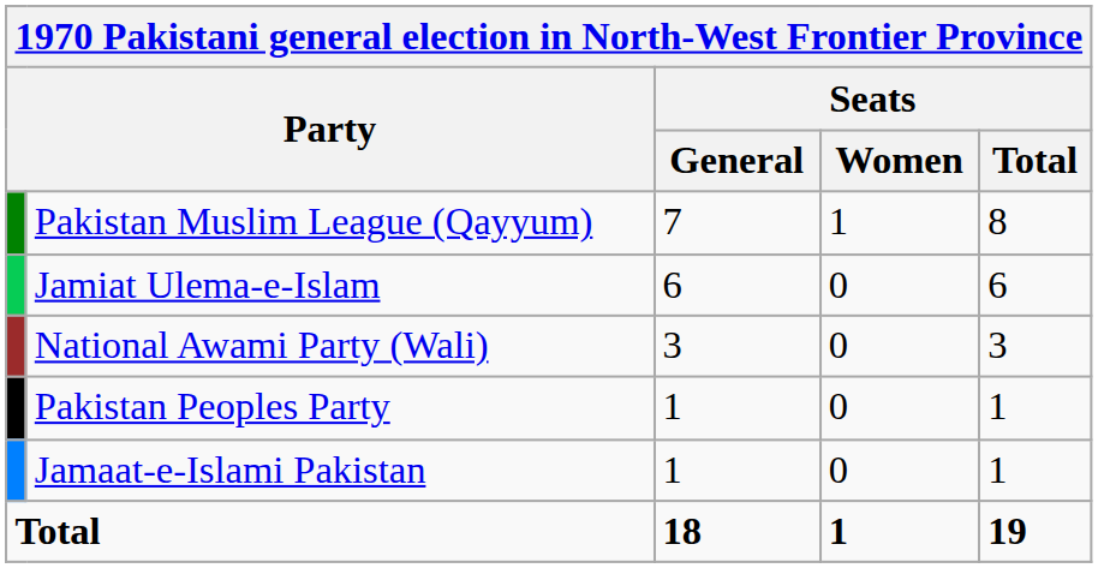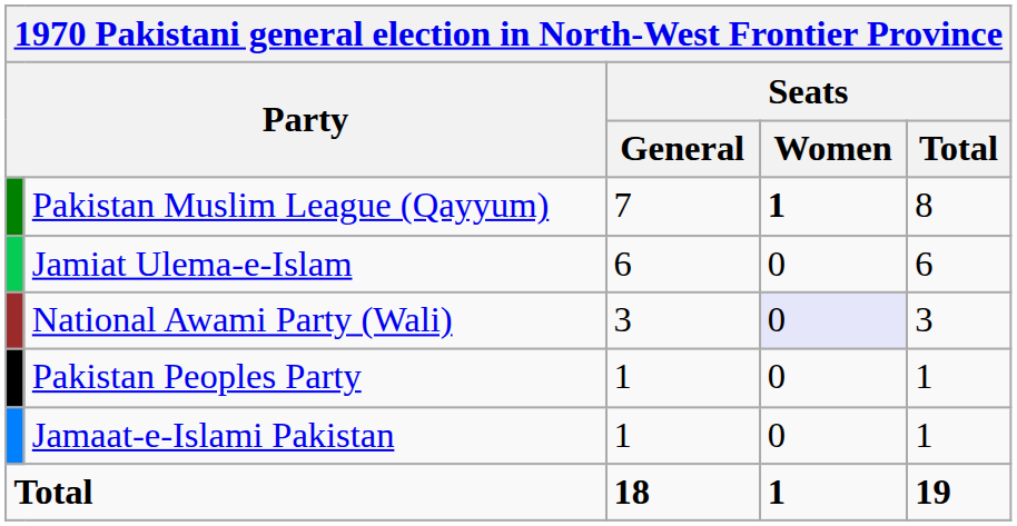 <table class="wikitable">
 <tr>
 <th colspan="7"><a href='#'>1970 Pakistani general election in North-West Frontier Province</a></th>
 </tr>
 <tr>
 <th colspan="4" rowspan="2">Party</th>
 <th colspan="3">Seats</th>
 </tr>
 <tr>
 <th>General</th>
 <th>Women</th>
 <th>Total</th>
 </tr>
 <tr>
 <td style="color:inherit;background:#008200"></td>
 <td colspan="3"><a href='#'>Pakistan Muslim League (Qayyum)</a></td>
 <td>7</td>
-<td>1</td>
+<td><strong>1</strong></td>
 <td>8</td>
 </tr>
 <tr>
 <td style="color:inherit;background:#06cc55"></td>
 <td colspan="3"><a href='#'>Jamiat Ulema-e-Islam</a></td>
 <td>6</td>
 <td>0</td>
 <td>6</td>
 </tr>
 <tr>
 <td style="color:inherit;background:#9b2b2b"></td>
 <td colspan="3"><a href='#'>National Awami Party (Wali)</a></td>
 <td>3</td>
-<td>0</td>
+<td style="background: lavender;">0</td>
 <td>3</td>
 </tr>
 <tr>
 <td style="color:inherit;background:#000000"></td>
 <td colspan="3"><a href='#'>Pakistan Peoples Party</a></td>
 <td>1</td>
 <td>0</td>
 <td>1</td>
 </tr>
 <tr>
 <td style="color:inherit;background:#0080ff"></td>
 <td colspan="3"><a href='#'>Jamaat-e-Islami Pakistan</a></td>
 <td>1</td>
 <td>0</td>
 <td>1</td>
 </tr>
 <tr>
 <td colspan="4"><strong>Total</strong></td>
 <td><strong>18</strong></td>
 <td><strong>1</strong></td>
 <td><strong>19</strong></td>
 </tr>
 </table>
